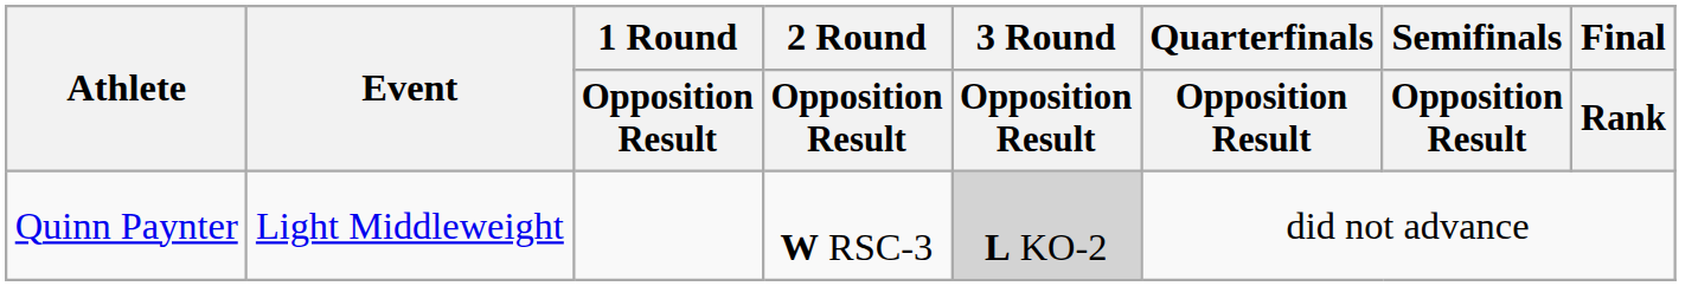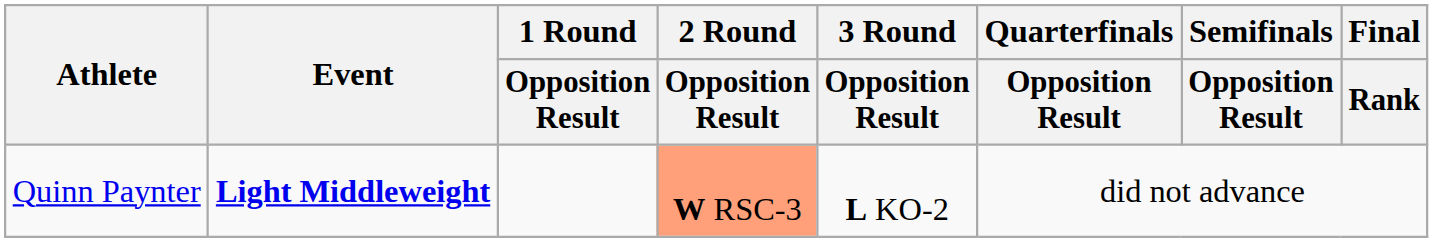 <table class="wikitable" style="font-size:90%">
 <tr>
 <th rowspan="2">Athlete</th>
 <th rowspan="2">Event</th>
 <th>1 Round</th>
 <th>2 Round</th>
 <th>3 Round</th>
 <th>Quarterfinals</th>
 <th>Semifinals</th>
 <th colspan=2>Final</th>
 </tr>
 <tr style="font-size:95%">
 <th>Opposition<br>Result</th>
 <th>Opposition<br>Result</th>
 <th>Opposition<br>Result</th>
 <th>Opposition<br>Result</th>
 <th>Opposition<br>Result</th>
 <th>Rank</th>
 </tr>
 <tr align=center>
 <td align=left><a href='#'>Quinn Paynter</a></td>
-<td align=left><a href='#'>Light Middleweight</a></td>
+<td align=left><strong><a href='#'>Light Middleweight</a></strong></td>
 <td></td>
-<td><br><strong>W</strong> RSC-3</td>
-<td style="background: lightgrey;"><br><strong>L</strong> KO-2</td>
+<td style="background: lightsalmon;"><br><strong>W</strong> RSC-3</td>
+<td><br><strong>L</strong> KO-2</td>
 <td colspan=5>did not advance</td>
 </tr>
 </table>
